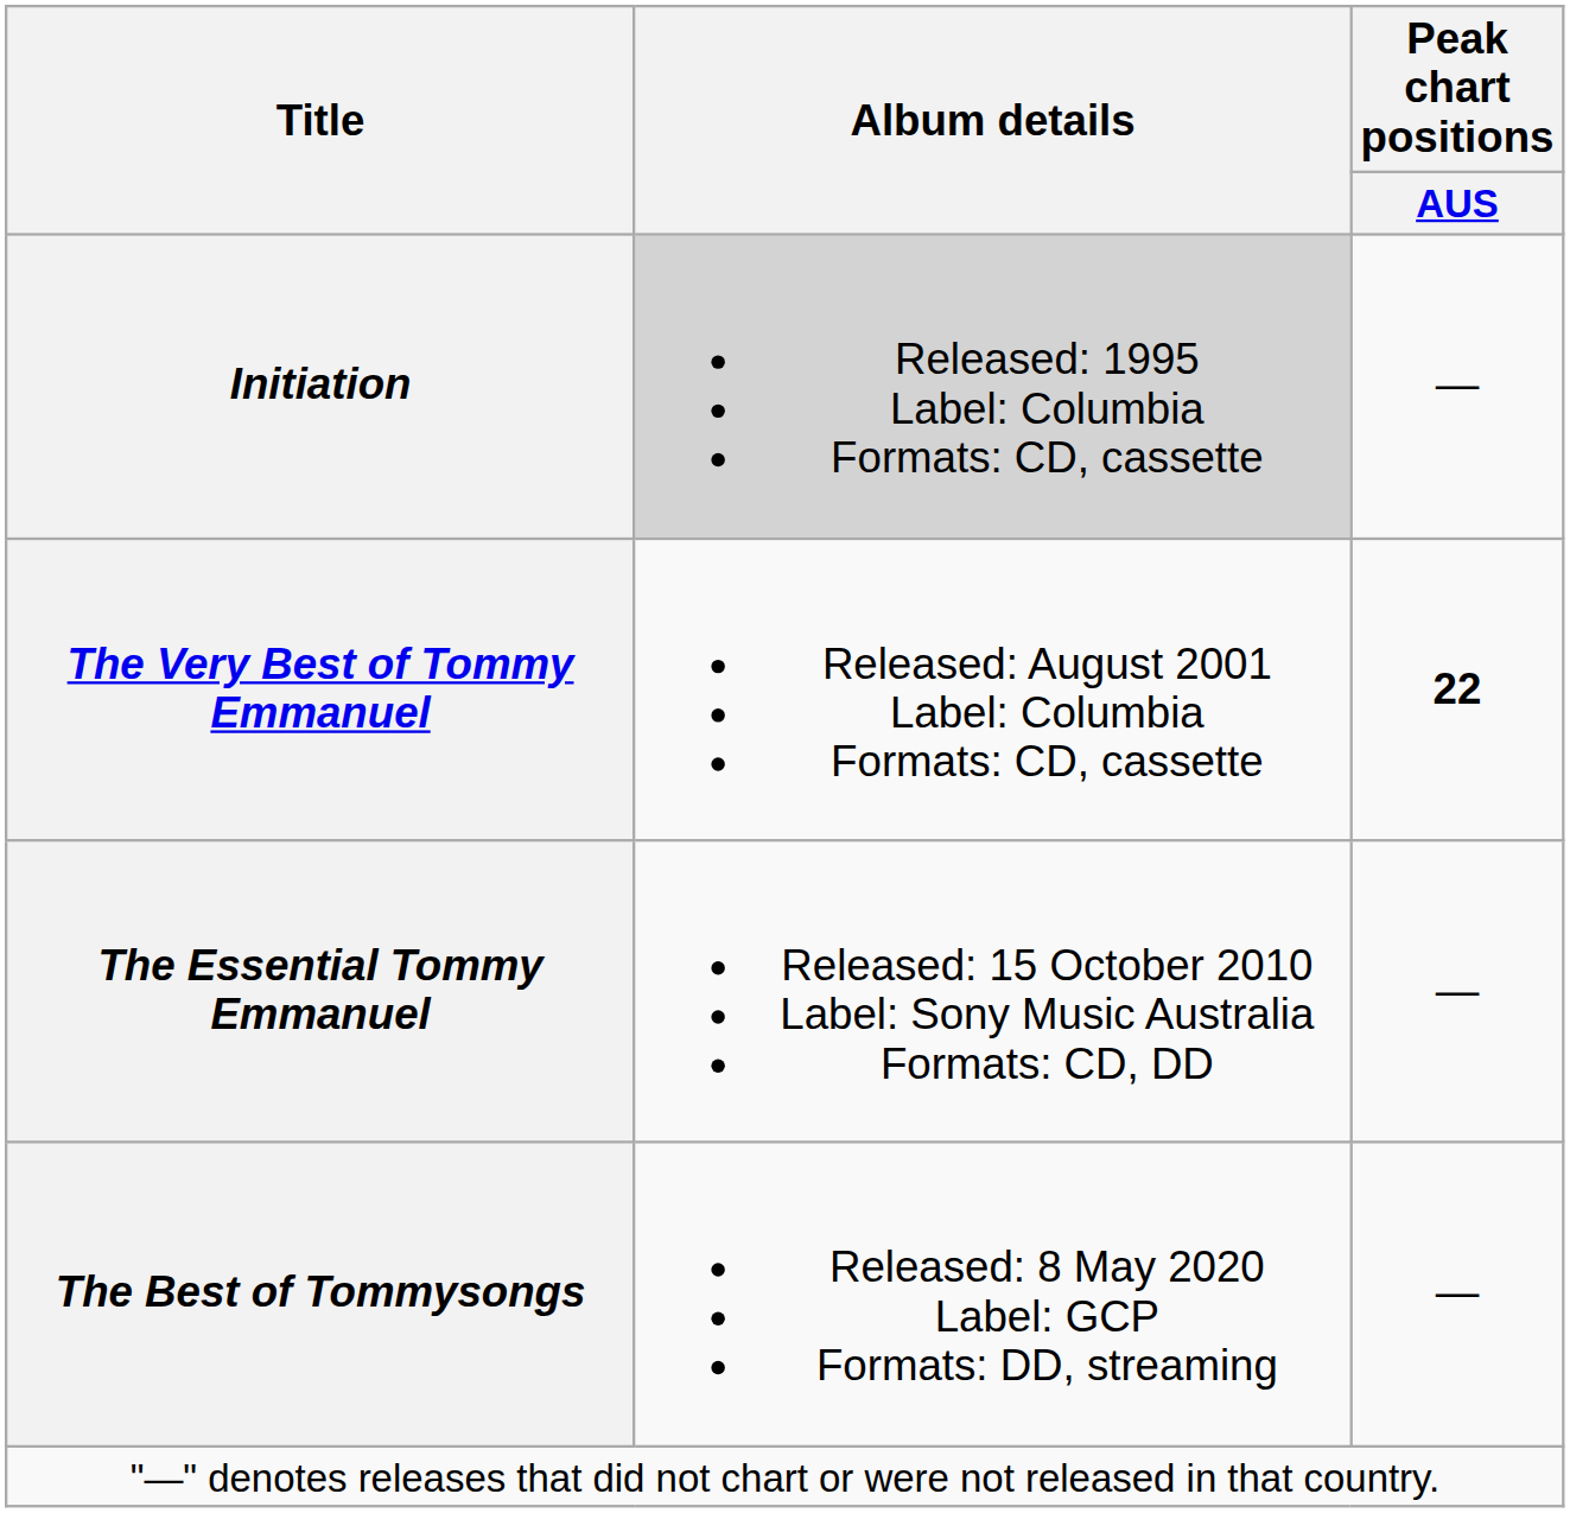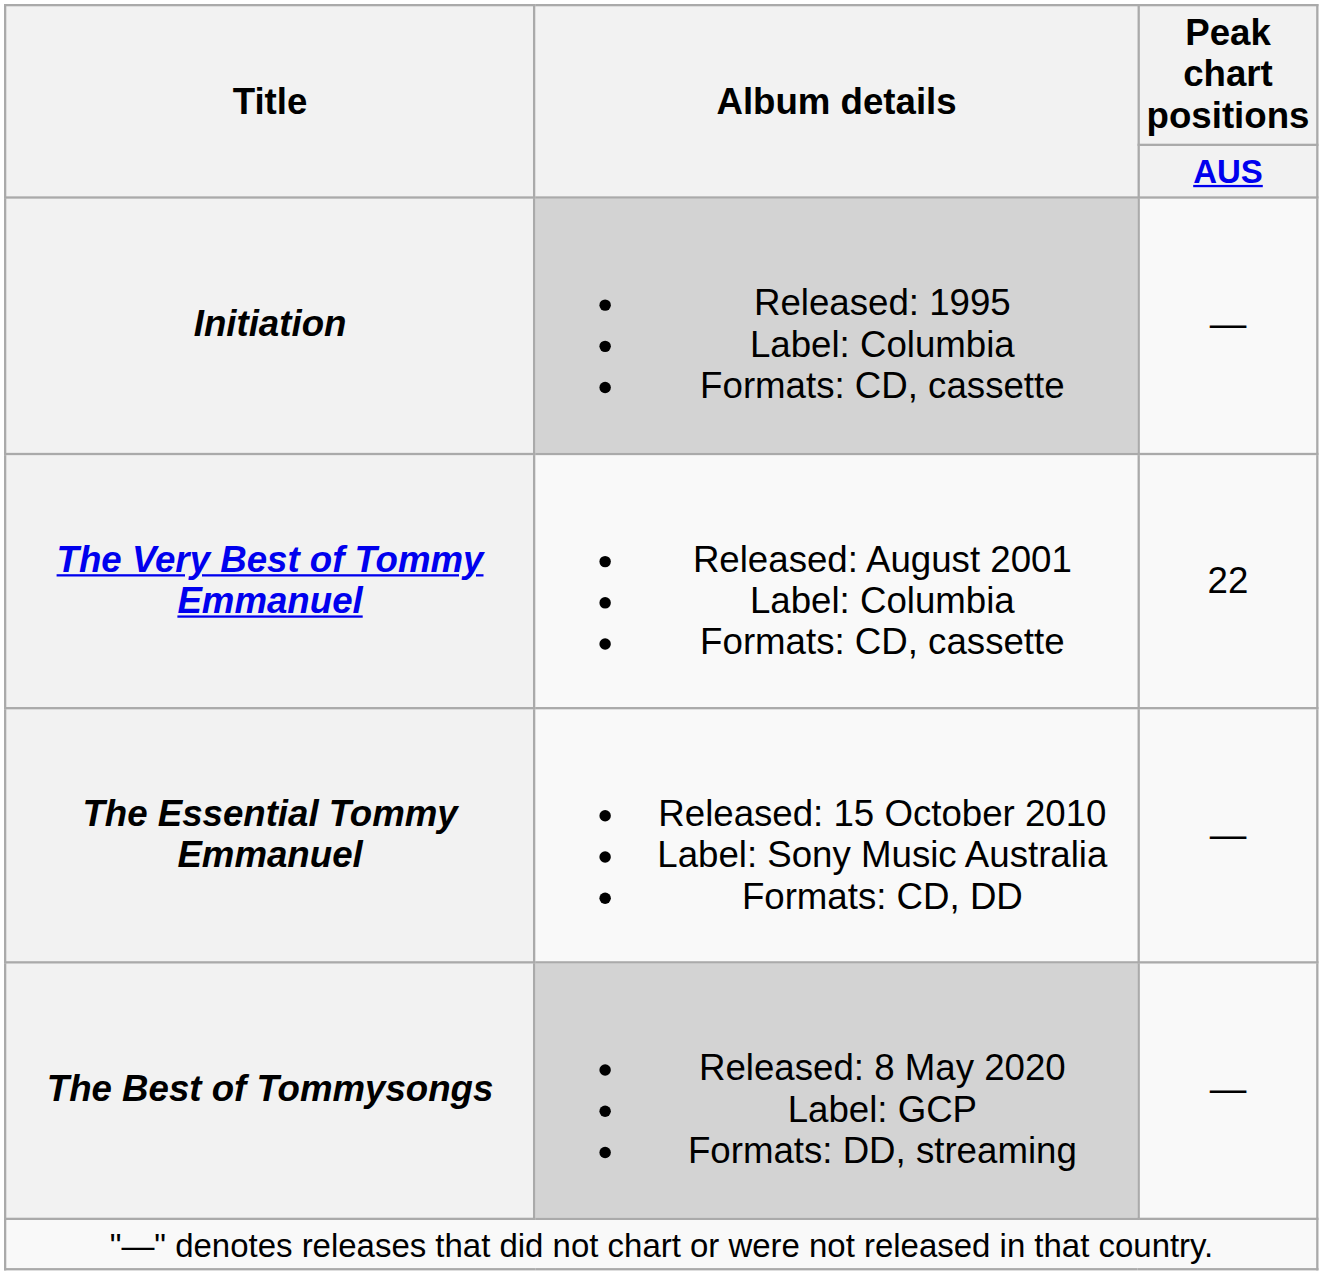 <table class="wikitable plainrowheaders" style="text-align:center;" border="1">
 <tr>
 <th scope="col" rowspan="2" style="width:14em;">Title</th>
 <th scope="col" rowspan="2" style="width:16em;">Album details</th>
 <th scope="col" colspan="1">Peak chart positions</th>
 </tr>
 <tr>
 <th scope="col" style="width:3em;font-size:90%;"><a href='#'>AUS</a><br></th>
 </tr>
 <tr>
 <th scope="row"><em>Initiation</em></th>
 <td style="background: lightgrey;"><br><ul><li>Released: 1995</li><li>Label: Columbia</li><li>Formats: CD, cassette</li></ul></td>
 <td>—</td>
 </tr>
 <tr>
 <th scope="row"><em><a href='#'>The Very Best of Tommy Emmanuel</a></em></th>
 <td><br><ul><li>Released: August 2001</li><li>Label: Columbia</li><li>Formats: CD, cassette</li></ul></td>
-<td><strong>22</strong></td>
+<td>22</td>
 </tr>
 <tr>
 <th scope="row"><em>The Essential Tommy Emmanuel</em></th>
 <td><br><ul><li>Released: 15 October 2010</li><li>Label: Sony Music Australia</li><li>Formats: CD, DD</li></ul></td>
 <td>—</td>
 </tr>
 <tr>
 <th scope="row"><em>The Best of Tommysongs</em></th>
-<td><br><ul><li>Released: 8 May 2020</li><li>Label: GCP</li><li>Formats: DD, streaming</li></ul></td>
+<td style="background: lightgrey;"><br><ul><li>Released: 8 May 2020</li><li>Label: GCP</li><li>Formats: DD, streaming</li></ul></td>
 <td>—</td>
 </tr>
 <tr>
 <td align="center" colspan="5" style="font-size: 90%">"—" denotes releases that did not chart or were not released in that country.</td>
 </tr>
 </table>
